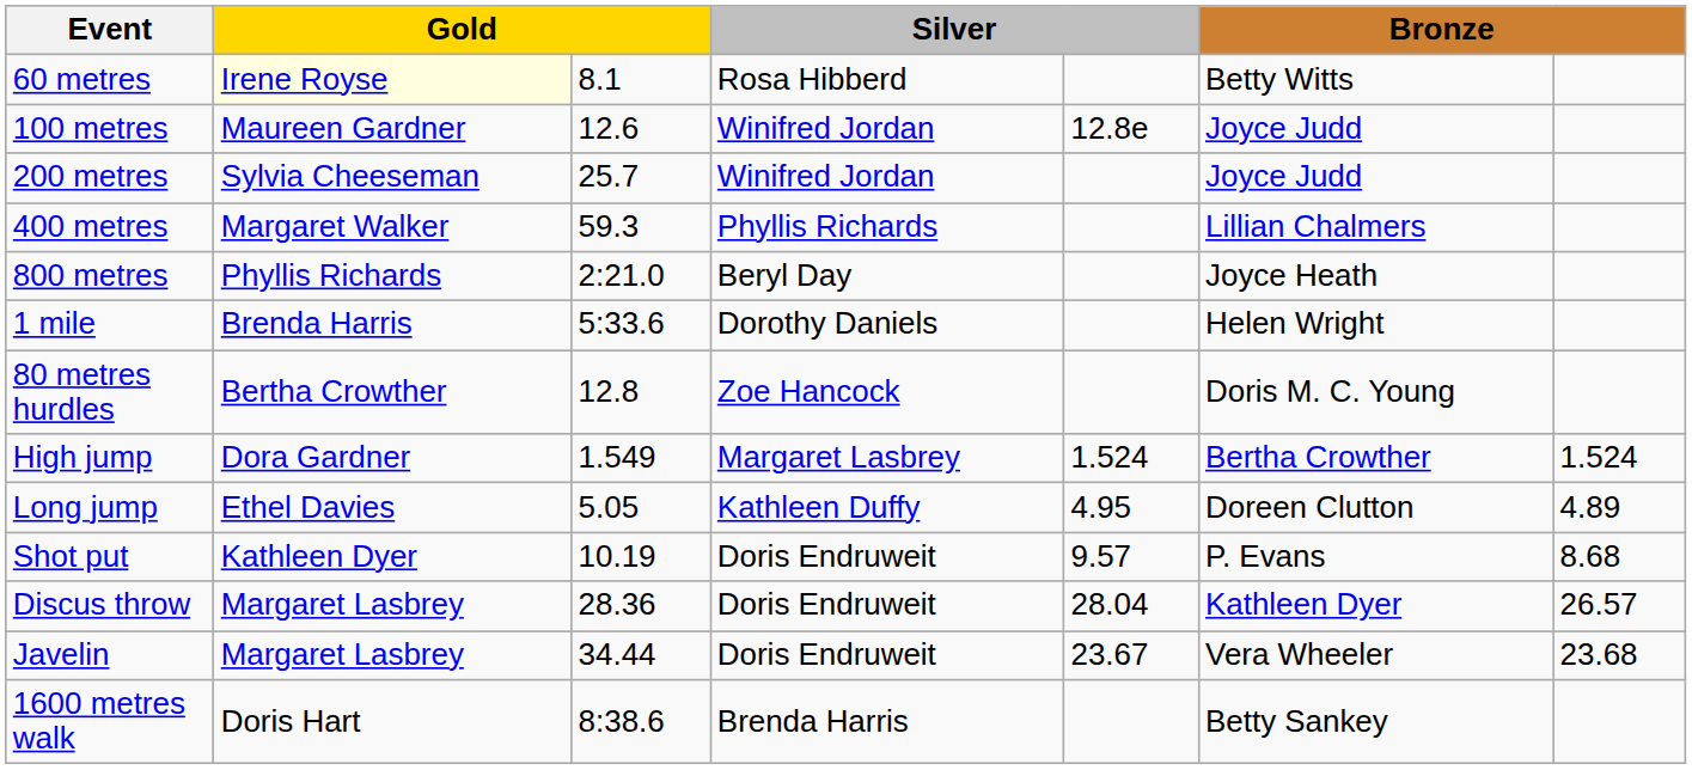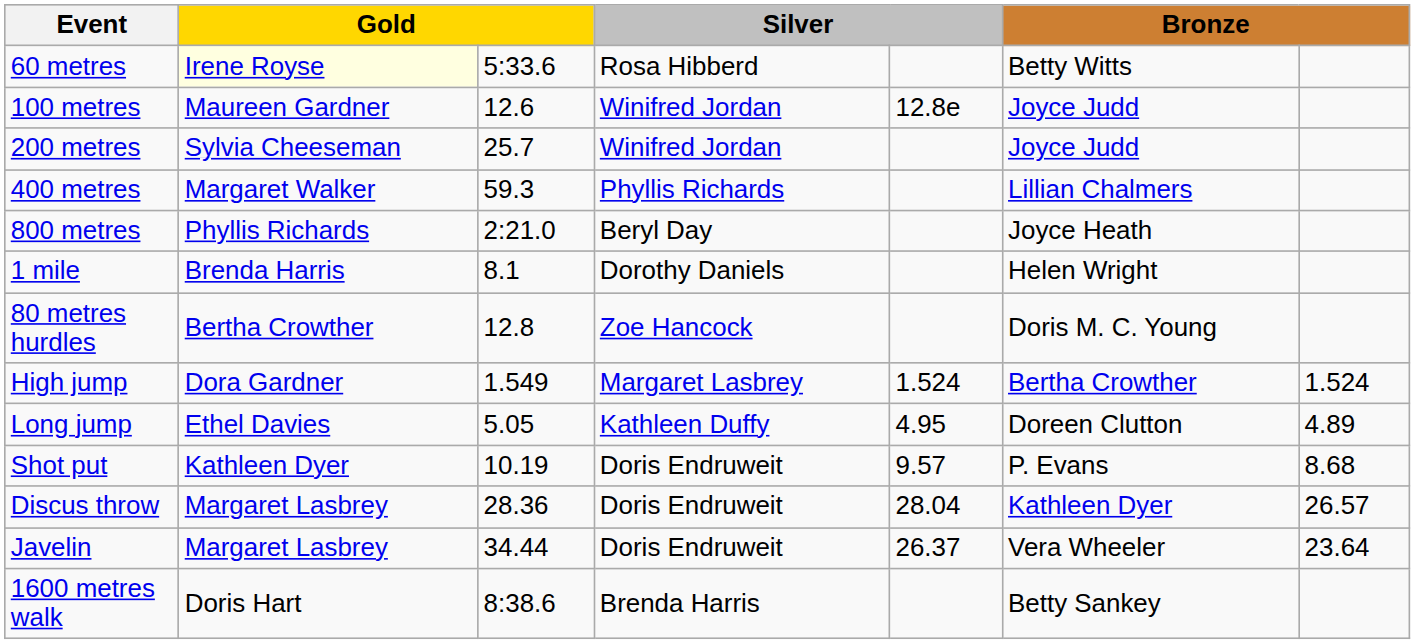 <table class="wikitable" style="text-align:left">
 <tr>
 <th width=100>Event</th>
 <th colspan="2" width="280" style="background:gold;">Gold</th>
 <th colspan="2" width="280" style="background:silver;">Silver</th>
 <th colspan="2" width="280" style="background:#CD7F32;">Bronze</th>
 </tr>
 <tr>
 <td><a href='#'>60 metres</a></td>
 <td style="background: lightyellow;"><a href='#'>Irene Royse</a></td>
-<td>8.1</td>
+<td>5:33.6</td>
 <td>Rosa Hibberd</td>
 <td></td>
 <td>Betty Witts</td>
 <td></td>
 </tr>
 <tr>
 <td><a href='#'>100 metres</a></td>
 <td><a href='#'>Maureen Gardner</a></td>
 <td>12.6</td>
 <td><a href='#'>Winifred Jordan</a></td>
 <td>12.8e</td>
 <td><a href='#'>Joyce Judd</a></td>
 <td></td>
 </tr>
 <tr>
 <td><a href='#'>200 metres</a></td>
 <td><a href='#'>Sylvia Cheeseman</a></td>
 <td>25.7</td>
 <td><a href='#'>Winifred Jordan</a></td>
 <td></td>
 <td><a href='#'>Joyce Judd</a></td>
 <td></td>
 </tr>
 <tr>
 <td><a href='#'>400 metres</a></td>
 <td><a href='#'>Margaret Walker</a></td>
 <td>59.3</td>
 <td><a href='#'>Phyllis Richards</a></td>
 <td></td>
 <td><a href='#'>Lillian Chalmers</a></td>
 <td></td>
 </tr>
 <tr>
 <td><a href='#'>800 metres</a></td>
 <td><a href='#'>Phyllis Richards</a></td>
 <td>2:21.0</td>
 <td>Beryl Day</td>
 <td></td>
 <td>Joyce Heath</td>
 <td></td>
 </tr>
 <tr>
 <td><a href='#'>1 mile</a></td>
 <td><a href='#'>Brenda Harris</a></td>
-<td>5:33.6</td>
+<td>8.1</td>
 <td>Dorothy Daniels</td>
 <td></td>
 <td>Helen Wright</td>
 <td></td>
 </tr>
 <tr>
 <td><a href='#'>80 metres hurdles</a></td>
 <td><a href='#'>Bertha Crowther</a></td>
 <td>12.8</td>
 <td><a href='#'>Zoe Hancock</a></td>
 <td></td>
 <td> Doris M. C. Young</td>
 <td></td>
 </tr>
 <tr>
 <td><a href='#'>High jump</a></td>
 <td><a href='#'>Dora Gardner</a></td>
 <td>1.549</td>
 <td> <a href='#'>Margaret Lasbrey</a></td>
 <td>1.524</td>
 <td><a href='#'>Bertha Crowther</a></td>
 <td>1.524</td>
 </tr>
 <tr>
 <td><a href='#'>Long jump</a></td>
 <td><a href='#'>Ethel Davies</a></td>
 <td>5.05</td>
 <td><a href='#'>Kathleen Duffy</a></td>
 <td>4.95</td>
 <td>Doreen Clutton</td>
 <td>4.89</td>
 </tr>
 <tr>
 <td><a href='#'>Shot put</a></td>
 <td><a href='#'>Kathleen Dyer</a></td>
 <td>10.19</td>
 <td>Doris Endruweit</td>
 <td>9.57</td>
 <td>P. Evans</td>
 <td>8.68</td>
 </tr>
 <tr>
 <td><a href='#'>Discus throw</a></td>
 <td> <a href='#'>Margaret Lasbrey</a></td>
 <td>28.36</td>
 <td>Doris Endruweit</td>
 <td>28.04</td>
 <td><a href='#'>Kathleen Dyer</a></td>
 <td>26.57</td>
 </tr>
 <tr>
 <td><a href='#'>Javelin</a></td>
 <td> <a href='#'>Margaret Lasbrey</a></td>
 <td>34.44</td>
 <td>Doris Endruweit</td>
-<td>23.67</td>
+<td>26.37</td>
 <td>Vera Wheeler</td>
-<td>23.68</td>
+<td>23.64</td>
 </tr>
 <tr>
 <td><a href='#'>1600 metres walk</a></td>
 <td>Doris Hart</td>
 <td>8:38.6</td>
 <td>Brenda Harris</td>
 <td></td>
 <td>Betty Sankey</td>
 <td></td>
 </tr>
 </table>
